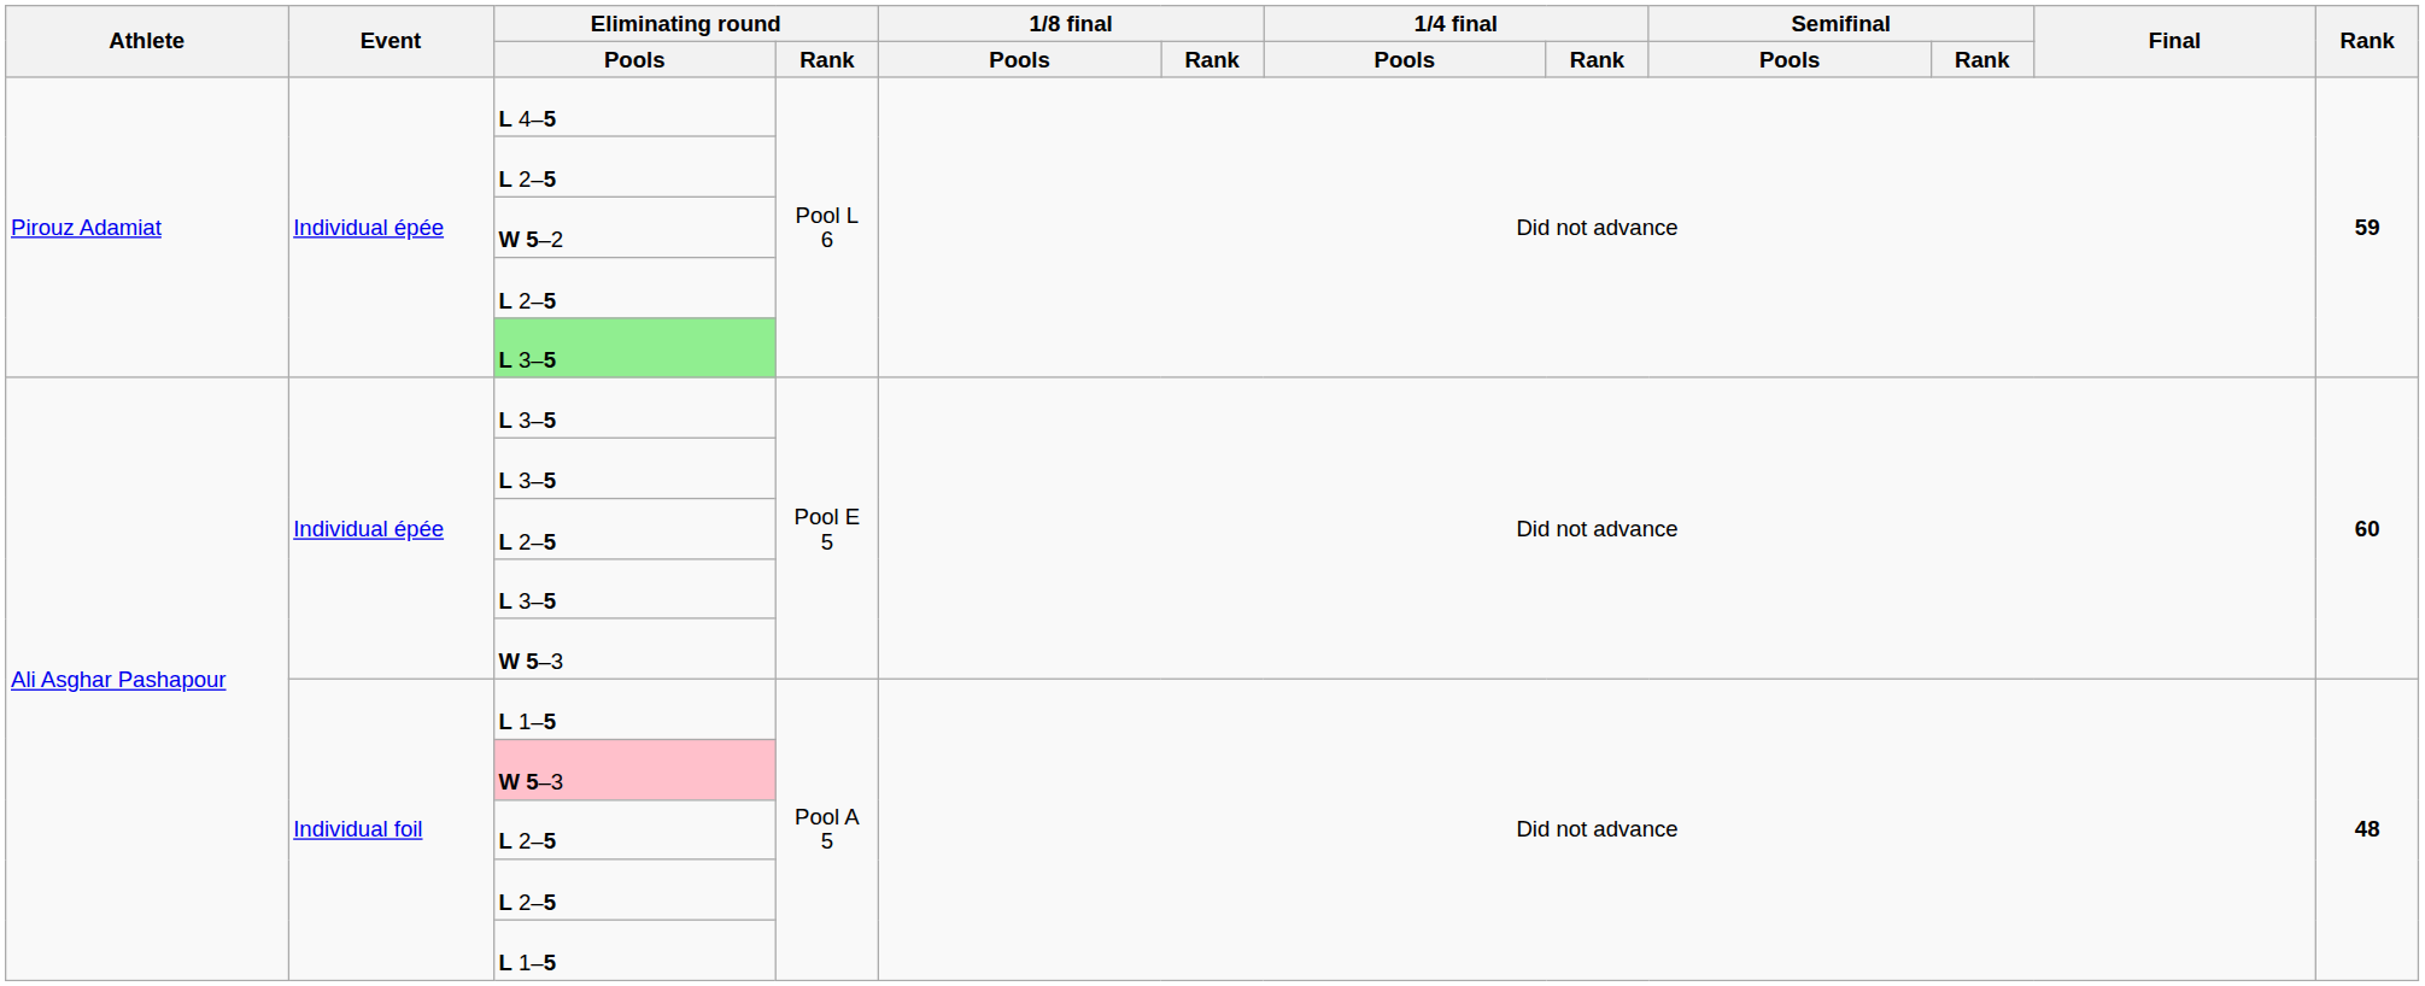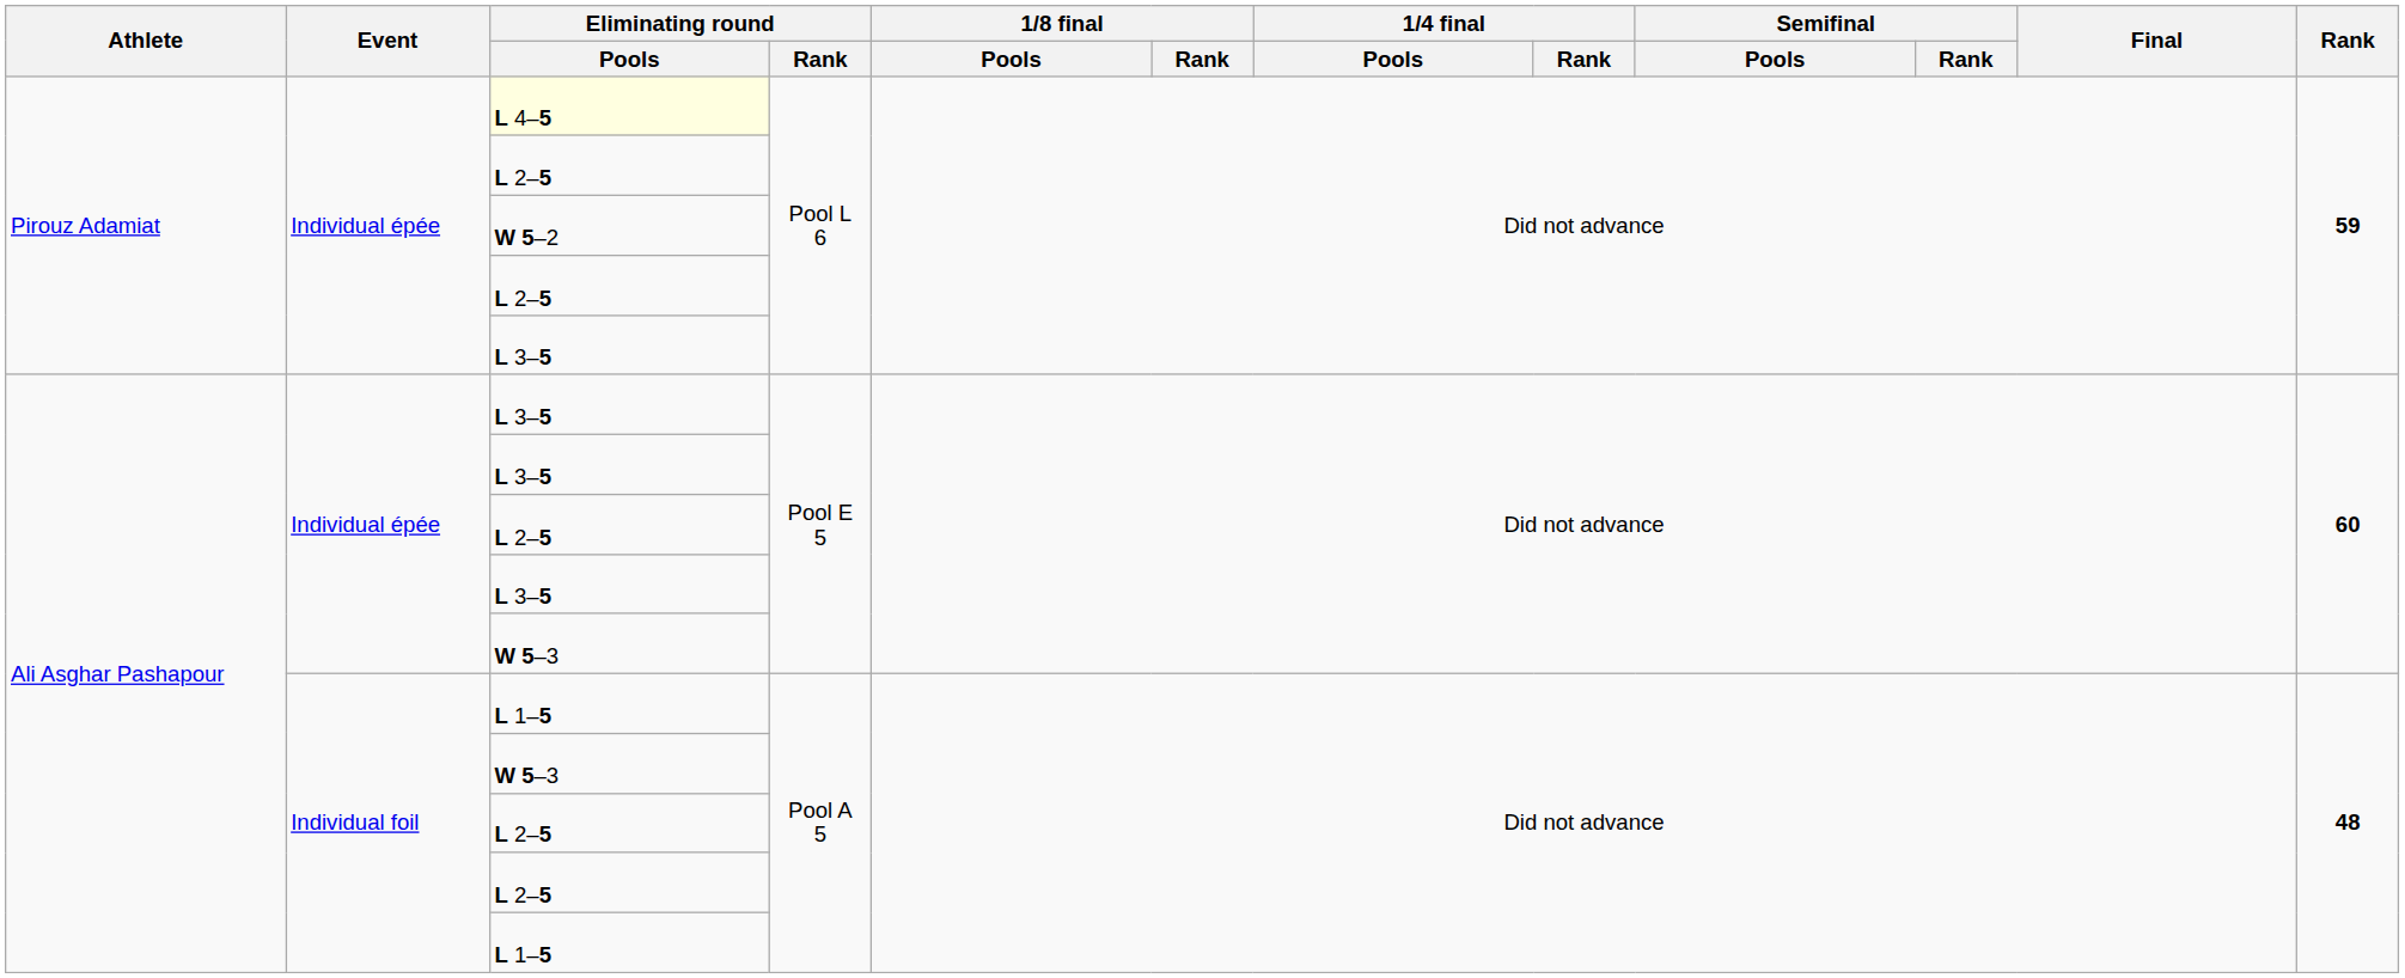 <table class="wikitable" width="98%" style="text-align:left; font-size:90%">
 <tr>
 <th rowspan="2" width="11%">Athlete</th>
 <th rowspan="2" width="8%">Event</th>
 <th colspan="2">Eliminating round</th>
 <th colspan="2">1/8 final</th>
 <th colspan="2">1/4 final</th>
 <th colspan="2">Semifinal</th>
 <th rowspan="2" width="11%">Final</th>
 <th rowspan="2" width="4%">Rank</th>
 </tr>
 <tr>
 <th width="11%">Pools</th>
 <th width="4%">Rank</th>
 <th width="11%">Pools</th>
 <th width="4%">Rank</th>
 <th width="11%">Pools</th>
 <th width="4%">Rank</th>
 <th width="11%">Pools</th>
 <th width="4%">Rank</th>
 </tr>
 <tr>
 <td rowspan="5"><a href='#'>Pirouz Adamiat</a></td>
 <td rowspan="5"><a href='#'>Individual épée</a></td>
-<td><br><strong>L</strong> 4–<strong>5</strong></td>
+<td style="background: lightyellow;"><br><strong>L</strong> 4–<strong>5</strong></td>
 <td rowspan="5" align=center>Pool L<br>6</td>
 <td rowspan="5" colspan=7 align=center>Did not advance</td>
 <td rowspan="5" align="center"><strong>59</strong></td>
 </tr>
 <tr>
 <td><br><strong>L</strong> 2–<strong>5</strong></td>
 </tr>
 <tr>
 <td><br><strong>W</strong> <strong>5</strong>–2</td>
 </tr>
 <tr>
 <td><br><strong>L</strong> 2–<strong>5</strong></td>
 </tr>
 <tr>
-<td style="background: lightgreen;"><br><strong>L</strong> 3–<strong>5</strong></td>
+<td><br><strong>L</strong> 3–<strong>5</strong></td>
 </tr>
 <tr>
 <td rowspan="10"><a href='#'>Ali Asghar Pashapour</a></td>
 <td rowspan="5"><a href='#'>Individual épée</a></td>
 <td><br><strong>L</strong> 3–<strong>5</strong></td>
 <td rowspan="5" align=center>Pool E<br>5</td>
 <td rowspan="5" colspan=7 align=center>Did not advance</td>
 <td rowspan="5" align="center"><strong>60</strong></td>
 </tr>
 <tr>
 <td><br><strong>L</strong> 3–<strong>5</strong></td>
 </tr>
 <tr>
 <td><br><strong>L</strong> 2–<strong>5</strong></td>
 </tr>
 <tr>
 <td><br><strong>L</strong> 3–<strong>5</strong></td>
 </tr>
 <tr>
 <td><br><strong>W</strong> <strong>5</strong>–3</td>
 </tr>
 <tr>
 <td rowspan="5"><a href='#'>Individual foil</a></td>
 <td><br><strong>L</strong> 1–<strong>5</strong></td>
 <td rowspan="5" align=center>Pool A<br>5</td>
 <td rowspan="5" colspan=7 align=center>Did not advance</td>
 <td rowspan="5" align="center"><strong>48</strong></td>
 </tr>
 <tr>
-<td style="background: pink;"><br><strong>W</strong> <strong>5</strong>–3</td>
+<td><br><strong>W</strong> <strong>5</strong>–3</td>
 </tr>
 <tr>
 <td><br><strong>L</strong> 2–<strong>5</strong></td>
 </tr>
 <tr>
 <td><br><strong>L</strong> 2–<strong>5</strong></td>
 </tr>
 <tr>
 <td><br><strong>L</strong> 1–<strong>5</strong></td>
 </tr>
 </table>
